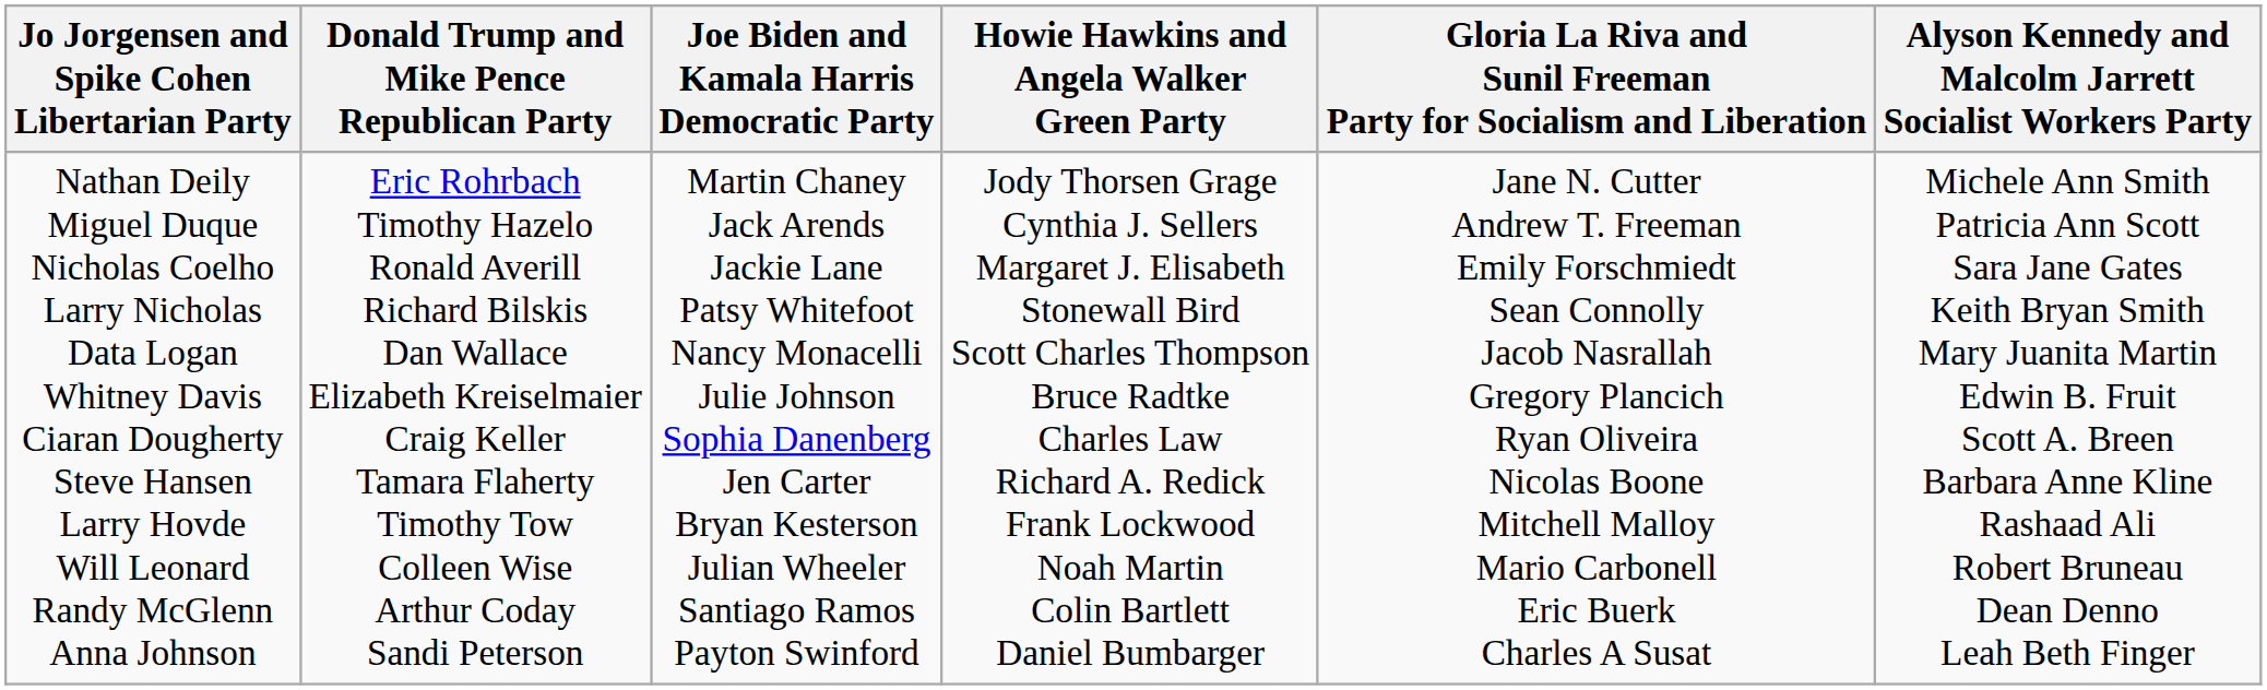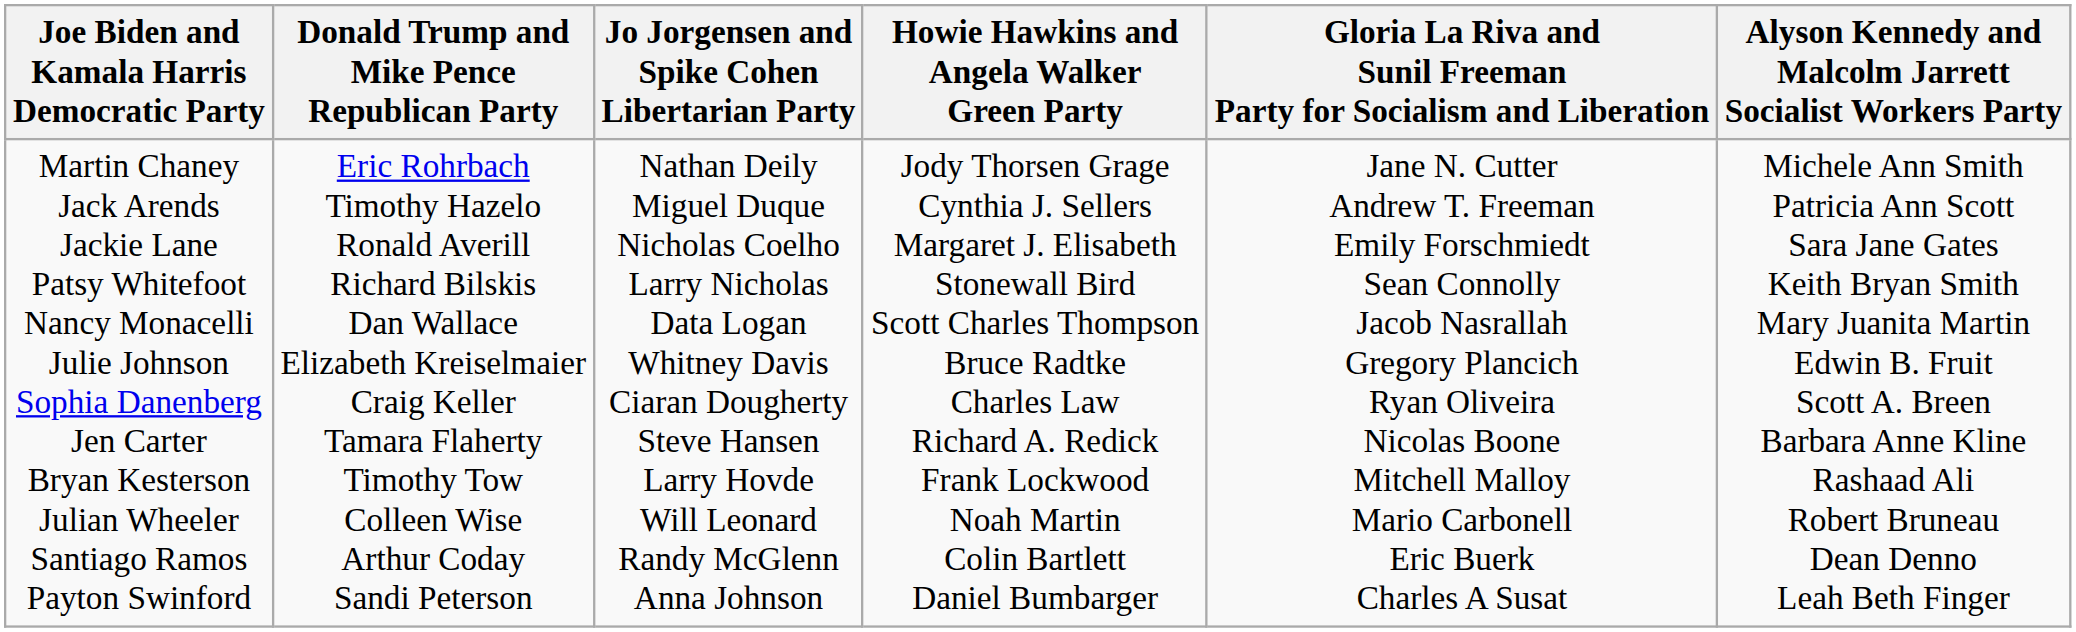 <table class="wikitable" style="font-size:90%;text-align:center;">
 <tr>
+<th>Joe Biden and<br>Kamala Harris<br>Democratic Party</th>
+<th>Donald Trump and<br>Mike Pence<br>Republican Party</th>
 <th>Jo Jorgensen and<br>Spike Cohen<br>Libertarian Party</th>
-<th>Donald Trump and<br>Mike Pence<br>Republican Party</th>
-<th>Joe Biden and<br>Kamala Harris<br>Democratic Party</th>
 <th>Howie Hawkins and<br>Angela Walker<br>Green Party</th>
 <th>Gloria La Riva and<br>Sunil Freeman<br>Party for Socialism and Liberation</th>
 <th>Alyson Kennedy and<br>Malcolm Jarrett<br>Socialist Workers Party</th>
 </tr>
 <tr>
+<td>Martin Chaney<br>Jack Arends<br>Jackie Lane<br>Patsy Whitefoot<br>Nancy Monacelli<br>Julie Johnson<br><a href='#'>Sophia Danenberg</a><br>Jen Carter<br>Bryan Kesterson<br>Julian Wheeler<br>Santiago Ramos<br>Payton Swinford</td>
+<td><a href='#'>Eric Rohrbach</a><br>Timothy Hazelo<br>Ronald Averill<br>Richard Bilskis<br>Dan Wallace<br>Elizabeth Kreiselmaier<br>Craig Keller<br>Tamara Flaherty<br>Timothy Tow<br>Colleen Wise<br>Arthur Coday<br>Sandi Peterson</td>
 <td>Nathan Deily<br>Miguel Duque<br>Nicholas Coelho<br>Larry Nicholas<br>Data Logan<br>Whitney Davis<br>Ciaran Dougherty<br>Steve Hansen<br>Larry Hovde<br>Will Leonard<br>Randy McGlenn<br>Anna Johnson</td>
-<td><a href='#'>Eric Rohrbach</a><br>Timothy Hazelo<br>Ronald Averill<br>Richard Bilskis<br>Dan Wallace<br>Elizabeth Kreiselmaier<br>Craig Keller<br>Tamara Flaherty<br>Timothy Tow<br>Colleen Wise<br>Arthur Coday<br>Sandi Peterson</td>
-<td>Martin Chaney<br>Jack Arends<br>Jackie Lane<br>Patsy Whitefoot<br>Nancy Monacelli<br>Julie Johnson<br><a href='#'>Sophia Danenberg</a><br>Jen Carter<br>Bryan Kesterson<br>Julian Wheeler<br>Santiago Ramos<br>Payton Swinford</td>
 <td>Jody Thorsen Grage<br>Cynthia J. Sellers<br>Margaret J. Elisabeth<br>Stonewall Bird<br>Scott Charles Thompson<br>Bruce Radtke<br>Charles Law<br>Richard A. Redick<br>Frank Lockwood<br>Noah Martin<br>Colin Bartlett<br>Daniel Bumbarger</td>
 <td>Jane N. Cutter<br>Andrew T. Freeman<br>Emily Forschmiedt<br>Sean Connolly<br>Jacob Nasrallah<br>Gregory Plancich<br>Ryan Oliveira<br>Nicolas Boone<br>Mitchell Malloy<br>Mario Carbonell<br>Eric Buerk<br>Charles A Susat</td>
 <td>Michele Ann Smith<br>Patricia Ann Scott<br>Sara Jane Gates<br>Keith Bryan Smith<br>Mary Juanita Martin<br>Edwin B. Fruit<br>Scott A. Breen<br>Barbara Anne Kline<br>Rashaad Ali<br>Robert Bruneau<br>Dean Denno<br>Leah Beth Finger</td>
 </tr>
 </table>
